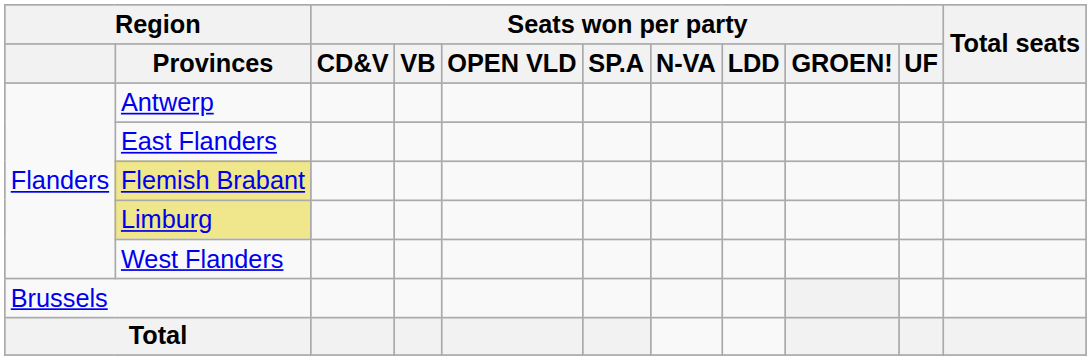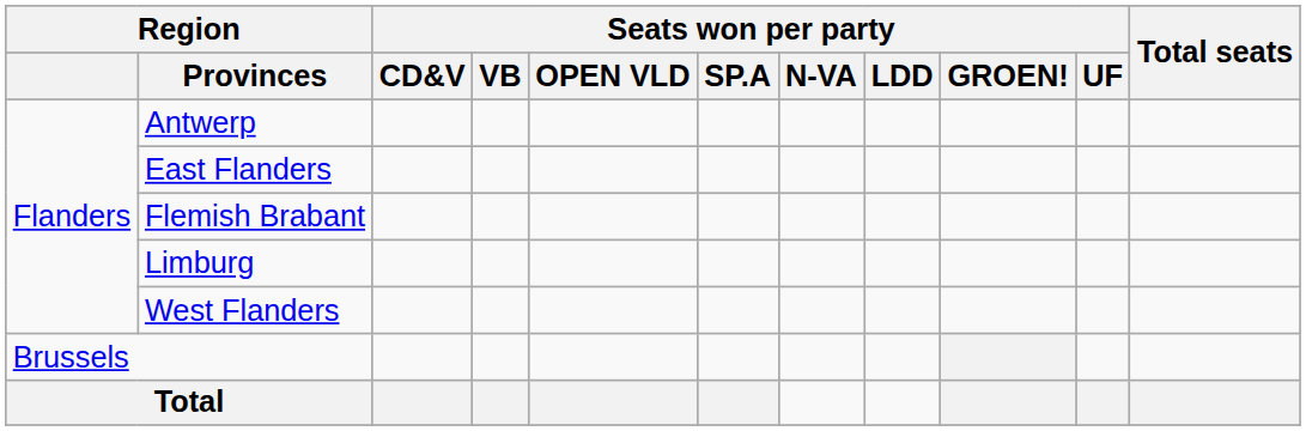 <table class=wikitable style="text-align:center; font-size:93%">
 <tr>
 <th colspan=2>Region</th>
 <th colspan=8>Seats won per party</th>
 <th rowspan=2>Total seats</th>
 </tr>
 <tr>
 <th></th>
 <th>Provinces</th>
 <th>CD&V</th>
 <th>VB</th>
 <th>OPEN VLD</th>
 <th>SP.A</th>
 <th>N-VA</th>
 <th>LDD</th>
 <th>GROEN!</th>
 <th>UF</th>
 </tr>
 <tr>
 <td align=left rowspan=5><a href='#'>Flanders</a></td>
 <td align=left><a href='#'>Antwerp</a></td>
 <td></td>
 <td></td>
 <td></td>
 <td></td>
 <td></td>
 <td></td>
 <td></td>
 <td></td>
 <td></td>
 </tr>
 <tr>
 <td align=left><a href='#'>East Flanders</a></td>
 <td></td>
 <td></td>
 <td></td>
 <td></td>
 <td></td>
 <td></td>
 <td></td>
 <td></td>
 <td></td>
 </tr>
 <tr>
-<td align=left style="background: khaki;"><a href='#'>Flemish Brabant</a></td>
+<td align=left><a href='#'>Flemish Brabant</a></td>
 <td></td>
 <td></td>
 <td></td>
 <td></td>
 <td></td>
 <td></td>
 <td></td>
 <td></td>
 <td></td>
 </tr>
 <tr>
-<td align=left style="background: khaki;"><a href='#'>Limburg</a></td>
+<td align=left><a href='#'>Limburg</a></td>
 <td></td>
 <td></td>
 <td></td>
 <td></td>
 <td></td>
 <td></td>
 <td></td>
 <td></td>
 <td></td>
 </tr>
 <tr>
 <td align=left><a href='#'>West Flanders</a></td>
 <td></td>
 <td></td>
 <td></td>
 <td></td>
 <td></td>
 <td></td>
 <td></td>
 <td></td>
 <td></td>
 </tr>
 <tr>
 <td align=left colspan=2><a href='#'>Brussels</a></td>
 <td></td>
 <td></td>
 <td></td>
 <td></td>
 <td></td>
 <td></td>
 <th></th>
 <td></td>
 <td></td>
 </tr>
 <tr>
 <th colspan=2>Total</th>
 <th></th>
 <th></th>
 <th></th>
 <th></th>
 <td></td>
 <td></td>
 <th></th>
 <th></th>
 <th></th>
 </tr>
 </table>
